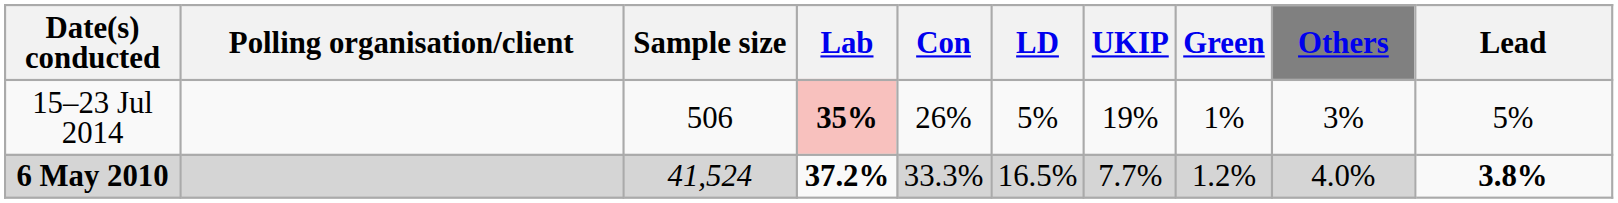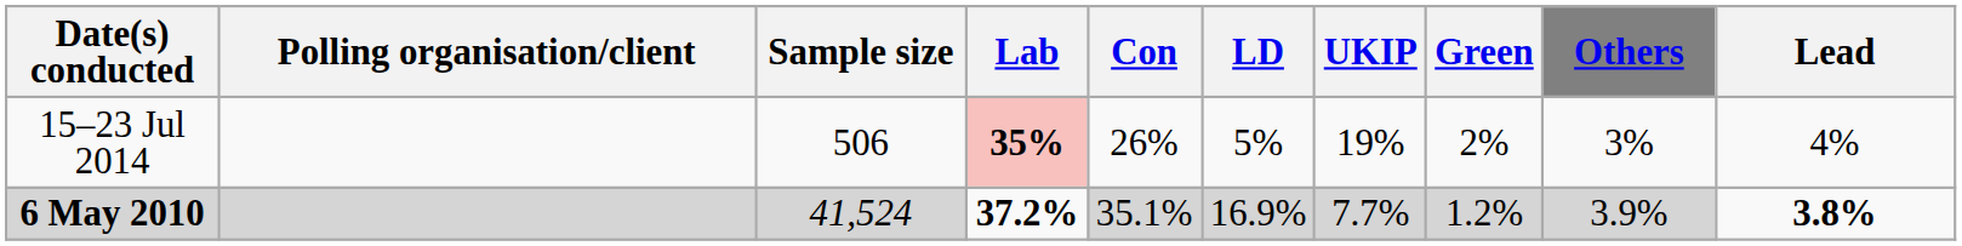 <table class="wikitable sortable" style="text-align:center;font-size:90%;line-height:14px">
 <tr>
 <th ! style="width:75px;">Date(s)<br>conducted</th>
 <th style="width:200px;">Polling organisation/client</th>
 <th class="unsortable" style="width:75px;">Sample size</th>
 <th class="unsortable" style="background:"><a href='#'><span>Lab</span></a></th>
 <th class="unsortable" style="background:"><a href='#'><span>Con</span></a></th>
 <th class="unsortable" style="background:"><a href='#'><span>LD</span></a></th>
 <th class="unsortable" style="background:"><a href='#'><span>UKIP</span></a></th>
 <th class="unsortable" style="background:"><a href='#'><span>Green</span></a></th>
 <th class="unsortable" style="background:gray; width:60px;"><a href='#'><span>Others</span></a></th>
 <th class="unsortable" style="width:85px;">Lead</th>
 </tr>
 <tr>
 <td>15–23 Jul 2014</td>
 <td></td>
 <td>506</td>
 <td style="background:#F8C1BE"><strong>35%</strong></td>
 <td>26%</td>
 <td>5%</td>
 <td>19%</td>
-<td>1%</td>
+<td>2%</td>
 <td>3%</td>
-<td style="background:">5%</td>
+<td style="background:">4%</td>
 </tr>
 <tr>
 <td style="background:#D5D5D5"><strong>6 May 2010</strong></td>
 <td style="background:#D5D5D5"></td>
 <td style="background:#D5D5D5"><em>41,524</em></td>
 <td style="background:"><strong>37.2%</strong></td>
-<td style="background:#D5D5D5">33.3%</td>
-<td style="background:#D5D5D5">16.5%</td>
+<td style="background:#D5D5D5">35.1%</td>
+<td style="background:#D5D5D5">16.9%</td>
 <td style="background:#D5D5D5">7.7%</td>
 <td style="background:#D5D5D5">1.2%</td>
-<td style="background:#D5D5D5">4.0%</td>
+<td style="background:#D5D5D5">3.9%</td>
 <td style="background:"><strong>3.8% </strong></td>
 </tr>
 </table>
